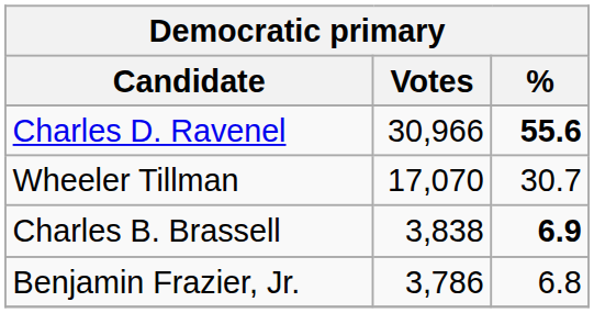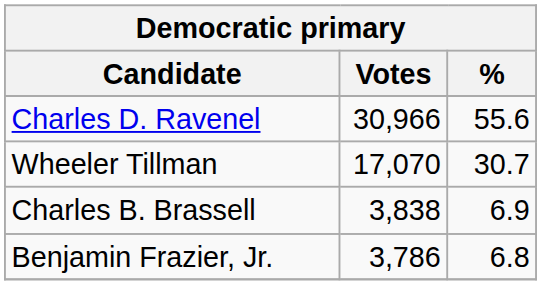 <table class="wikitable" align="left" style="margin: 1em 1em 1em 0; font-size: 95%;">
 <tr>
 <th colspan="3">Democratic primary</th>
 </tr>
 <tr>
 <th colspan="1" style="width: 170px">Candidate</th>
 <th style="width: 50px">Votes</th>
 <th style="width: 40px">%</th>
 </tr>
 <tr>
 </tr>
 <tr>
 <td><a href='#'>Charles D. Ravenel</a></td>
 <td align="right">30,966</td>
-<td align="right"><strong>55.6</strong></td>
+<td align="right">55.6</td>
 </tr>
 <tr>
 <td>Wheeler Tillman</td>
 <td align="right">17,070</td>
 <td align="right">30.7</td>
 </tr>
 <tr>
 <td>Charles B. Brassell</td>
 <td align="right">3,838</td>
-<td align="right"><strong>6.9</strong></td>
+<td align="right">6.9</td>
 </tr>
 <tr>
 <td>Benjamin Frazier, Jr.</td>
 <td align="right">3,786</td>
 <td align="right">6.8</td>
 </tr>
 <tr>
 </tr>
 </table>
